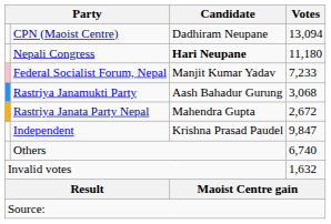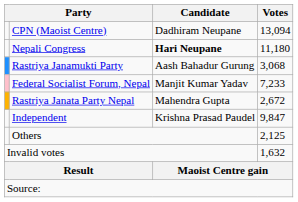 <table class="wikitable">
 <tr>
 <th colspan="2">Party</th>
 <th>Candidate</th>
 <th>Votes</th>
 </tr>
 <tr>
 <td style="background-color:"></td>
 <td><a href='#'>CPN (Maoist Centre)</a></td>
 <td>Dadhiram Neupane</td>
 <td>13,094</td>
 </tr>
 <tr>
 <td style="background-color:"></td>
 <td><a href='#'>Nepali Congress</a></td>
 <td><strong>Hari Neupane</strong></td>
 <td>11,180</td>
 </tr>
 <tr>
+<td style="background-color:dodgerblue"></td>
+<td><a href='#'>Rastriya Janamukti Party</a></td>
+<td>Aash Bahadur Gurung</td>
+<td>3,068</td>
+</tr>
+<tr>
 <td style="background-color:pink"></td>
 <td><a href='#'>Federal Socialist Forum, Nepal</a></td>
 <td>Manjit Kumar Yadav</td>
 <td>7,233</td>
-</tr>
-<tr>
-<td style="background-color:dodgerblue"></td>
-<td><a href='#'>Rastriya Janamukti Party</a></td>
-<td>Aash Bahadur Gurung</td>
-<td>3,068</td>
 </tr>
 <tr>
 <td style="background-color:#ffb300"></td>
 <td><a href='#'>Rastriya Janata Party Nepal</a></td>
 <td>Mahendra Gupta</td>
 <td>2,672</td>
 </tr>
 <tr>
 <td style="background-color:"></td>
 <td><a href='#'>Independent</a></td>
 <td>Krishna Prasad Paudel</td>
 <td>9,847</td>
 </tr>
 <tr>
 <td></td>
 <td colspan="2">Others</td>
-<td>6,740</td>
+<td>2,125</td>
 </tr>
 <tr>
 <td colspan="3">Invalid votes</td>
 <td>1,632</td>
 </tr>
 <tr>
 <th colspan="2">Result</th>
 <th colspan="2">Maoist Centre gain</th>
 </tr>
 <tr>
 <td colspan="4">Source: </td>
 </tr>
 </table>
